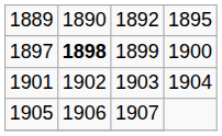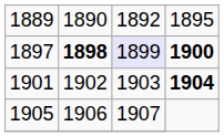 <table class="wikitable">
 <tr>
 <td>1889</td>
 <td>1890</td>
 <td>1892</td>
 <td>1895</td>
 </tr>
 <tr>
 <td>1897</td>
 <td><strong>1898</strong></td>
-<td>1899</td>
-<td>1900</td>
+<td style="background: lavender;">1899</td>
+<td><strong>1900</strong></td>
 </tr>
 <tr>
 <td>1901</td>
 <td>1902</td>
 <td>1903</td>
-<td>1904</td>
+<td><strong>1904</strong></td>
 </tr>
 <tr>
 <td>1905</td>
 <td>1906</td>
 <td>1907</td>
 </tr>
 <tr>
 </tr>
 </table>
